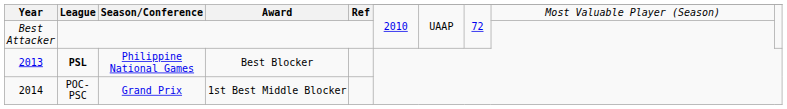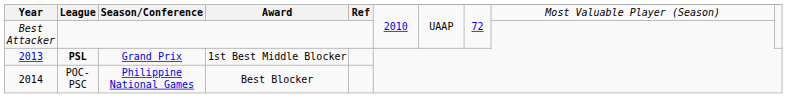 <table class="wikitable sortable" style="text-align:center" width="80%">
 <tr>
 <th style="width:5px;" rowspan="2">Year</th>
 <th style="width:25px;" rowspan="2">League</th>
 <th style="width:100px;" rowspan="2">Season/Conference</th>
 <th style="width:180px;" rowspan="2">Award</th>
 <th style="width:25px;" rowspan="2">Ref</th>
 </tr>
 <tr>
 <td rowspan=2><a href='#'>2010</a></td>
 <td rowspan=2>UAAP</td>
 <td rowspan=2><a href='#'>72</a></td>
 <td><em>Most Valuable Player (Season)</em></td>
 <td rowspan=2></td>
 </tr>
 <tr>
 <td><em>Best Attacker</em></td>
 </tr>
 <tr>
 <td rowspan=1><a href='#'>2013</a></td>
 <td><strong>PSL</strong></td>
-<td><a href='#'>Philippine National Games</a></td>
-<td>Best Blocker</td>
+<td rowspan=1><a href='#'>Grand Prix</a></td>
+<td>1st Best Middle Blocker</td>
 <td></td>
 </tr>
 <tr align=center>
 <td>2014</td>
 <td>POC-PSC</td>
-<td rowspan=1><a href='#'>Grand Prix</a></td>
-<td>1st Best Middle Blocker</td>
+<td><a href='#'>Philippine National Games</a></td>
+<td>Best Blocker</td>
 <td></td>
 </tr>
 </table>
